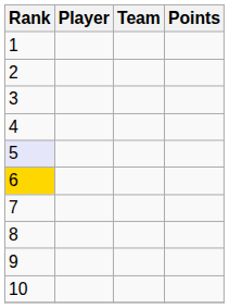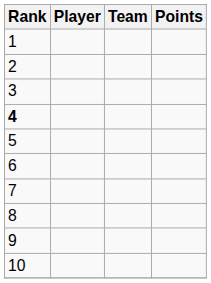 <table class="wikitable">
 <tr>
 <th>Rank</th>
 <th>Player</th>
 <th>Team</th>
 <th>Points</th>
 </tr>
 <tr>
 <td>1</td>
 <td></td>
 <td></td>
 <td></td>
 </tr>
 <tr>
 <td>2</td>
 <td></td>
 <td></td>
 <td></td>
 </tr>
 <tr>
 <td>3</td>
 <td></td>
 <td></td>
 <td></td>
 </tr>
 <tr>
-<td>4</td>
+<td><strong>4</strong></td>
 <td></td>
 <td></td>
 <td></td>
 </tr>
 <tr>
-<td style="background: lavender;">5</td>
+<td>5</td>
 <td></td>
 <td></td>
 <td></td>
 </tr>
 <tr>
-<td style="background: gold;">6</td>
+<td>6</td>
 <td></td>
 <td></td>
 <td></td>
 </tr>
 <tr>
 <td>7</td>
 <td></td>
 <td></td>
 <td></td>
 </tr>
 <tr>
 <td>8</td>
 <td></td>
 <td></td>
 <td></td>
 </tr>
 <tr>
 <td>9</td>
 <td></td>
 <td></td>
 <td></td>
 </tr>
 <tr>
 <td>10</td>
 <td></td>
 <td></td>
 <td></td>
 </tr>
 <tr>
 </tr>
 </table>
